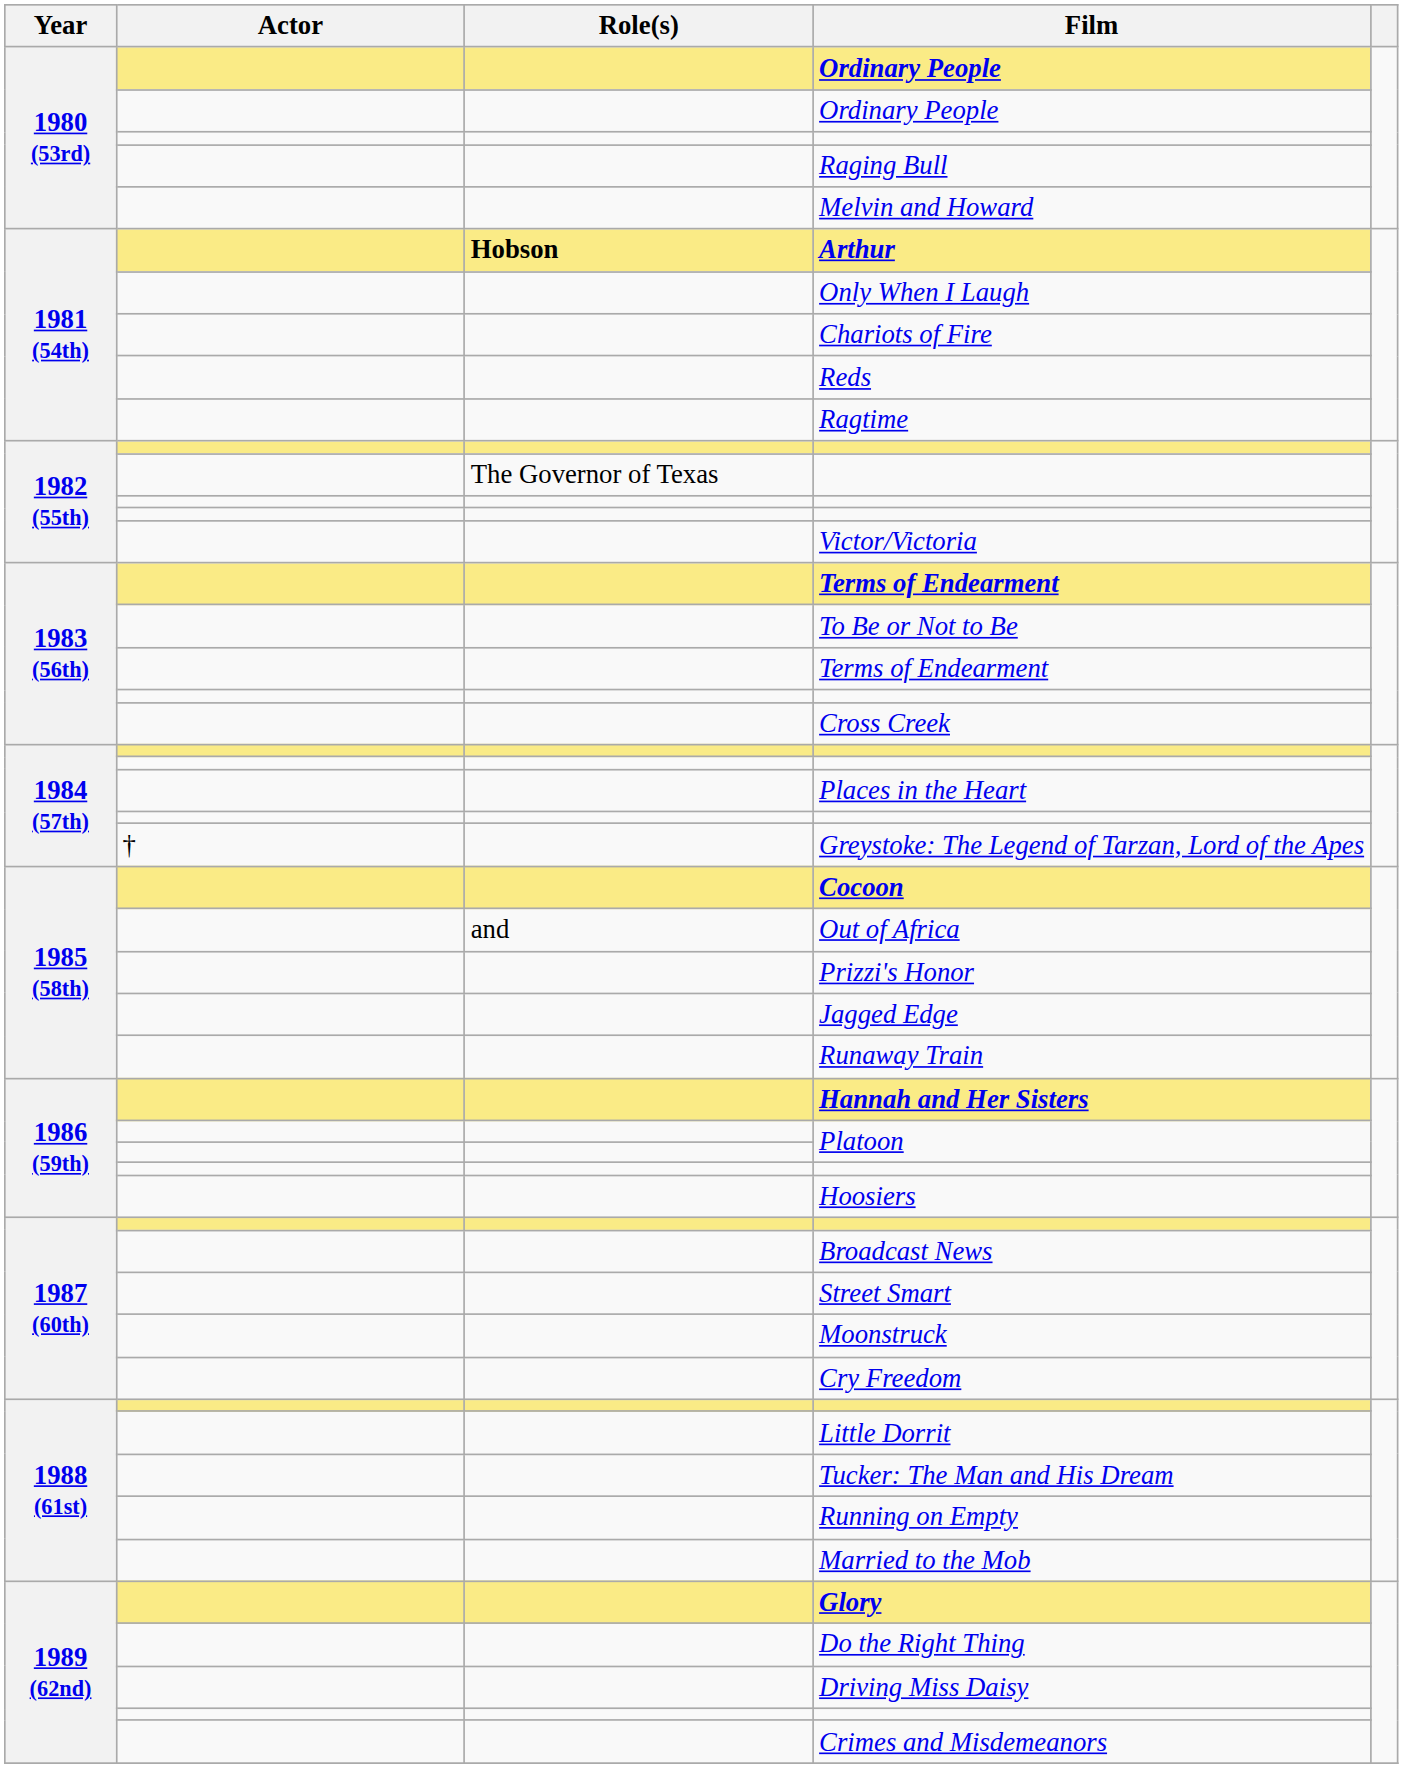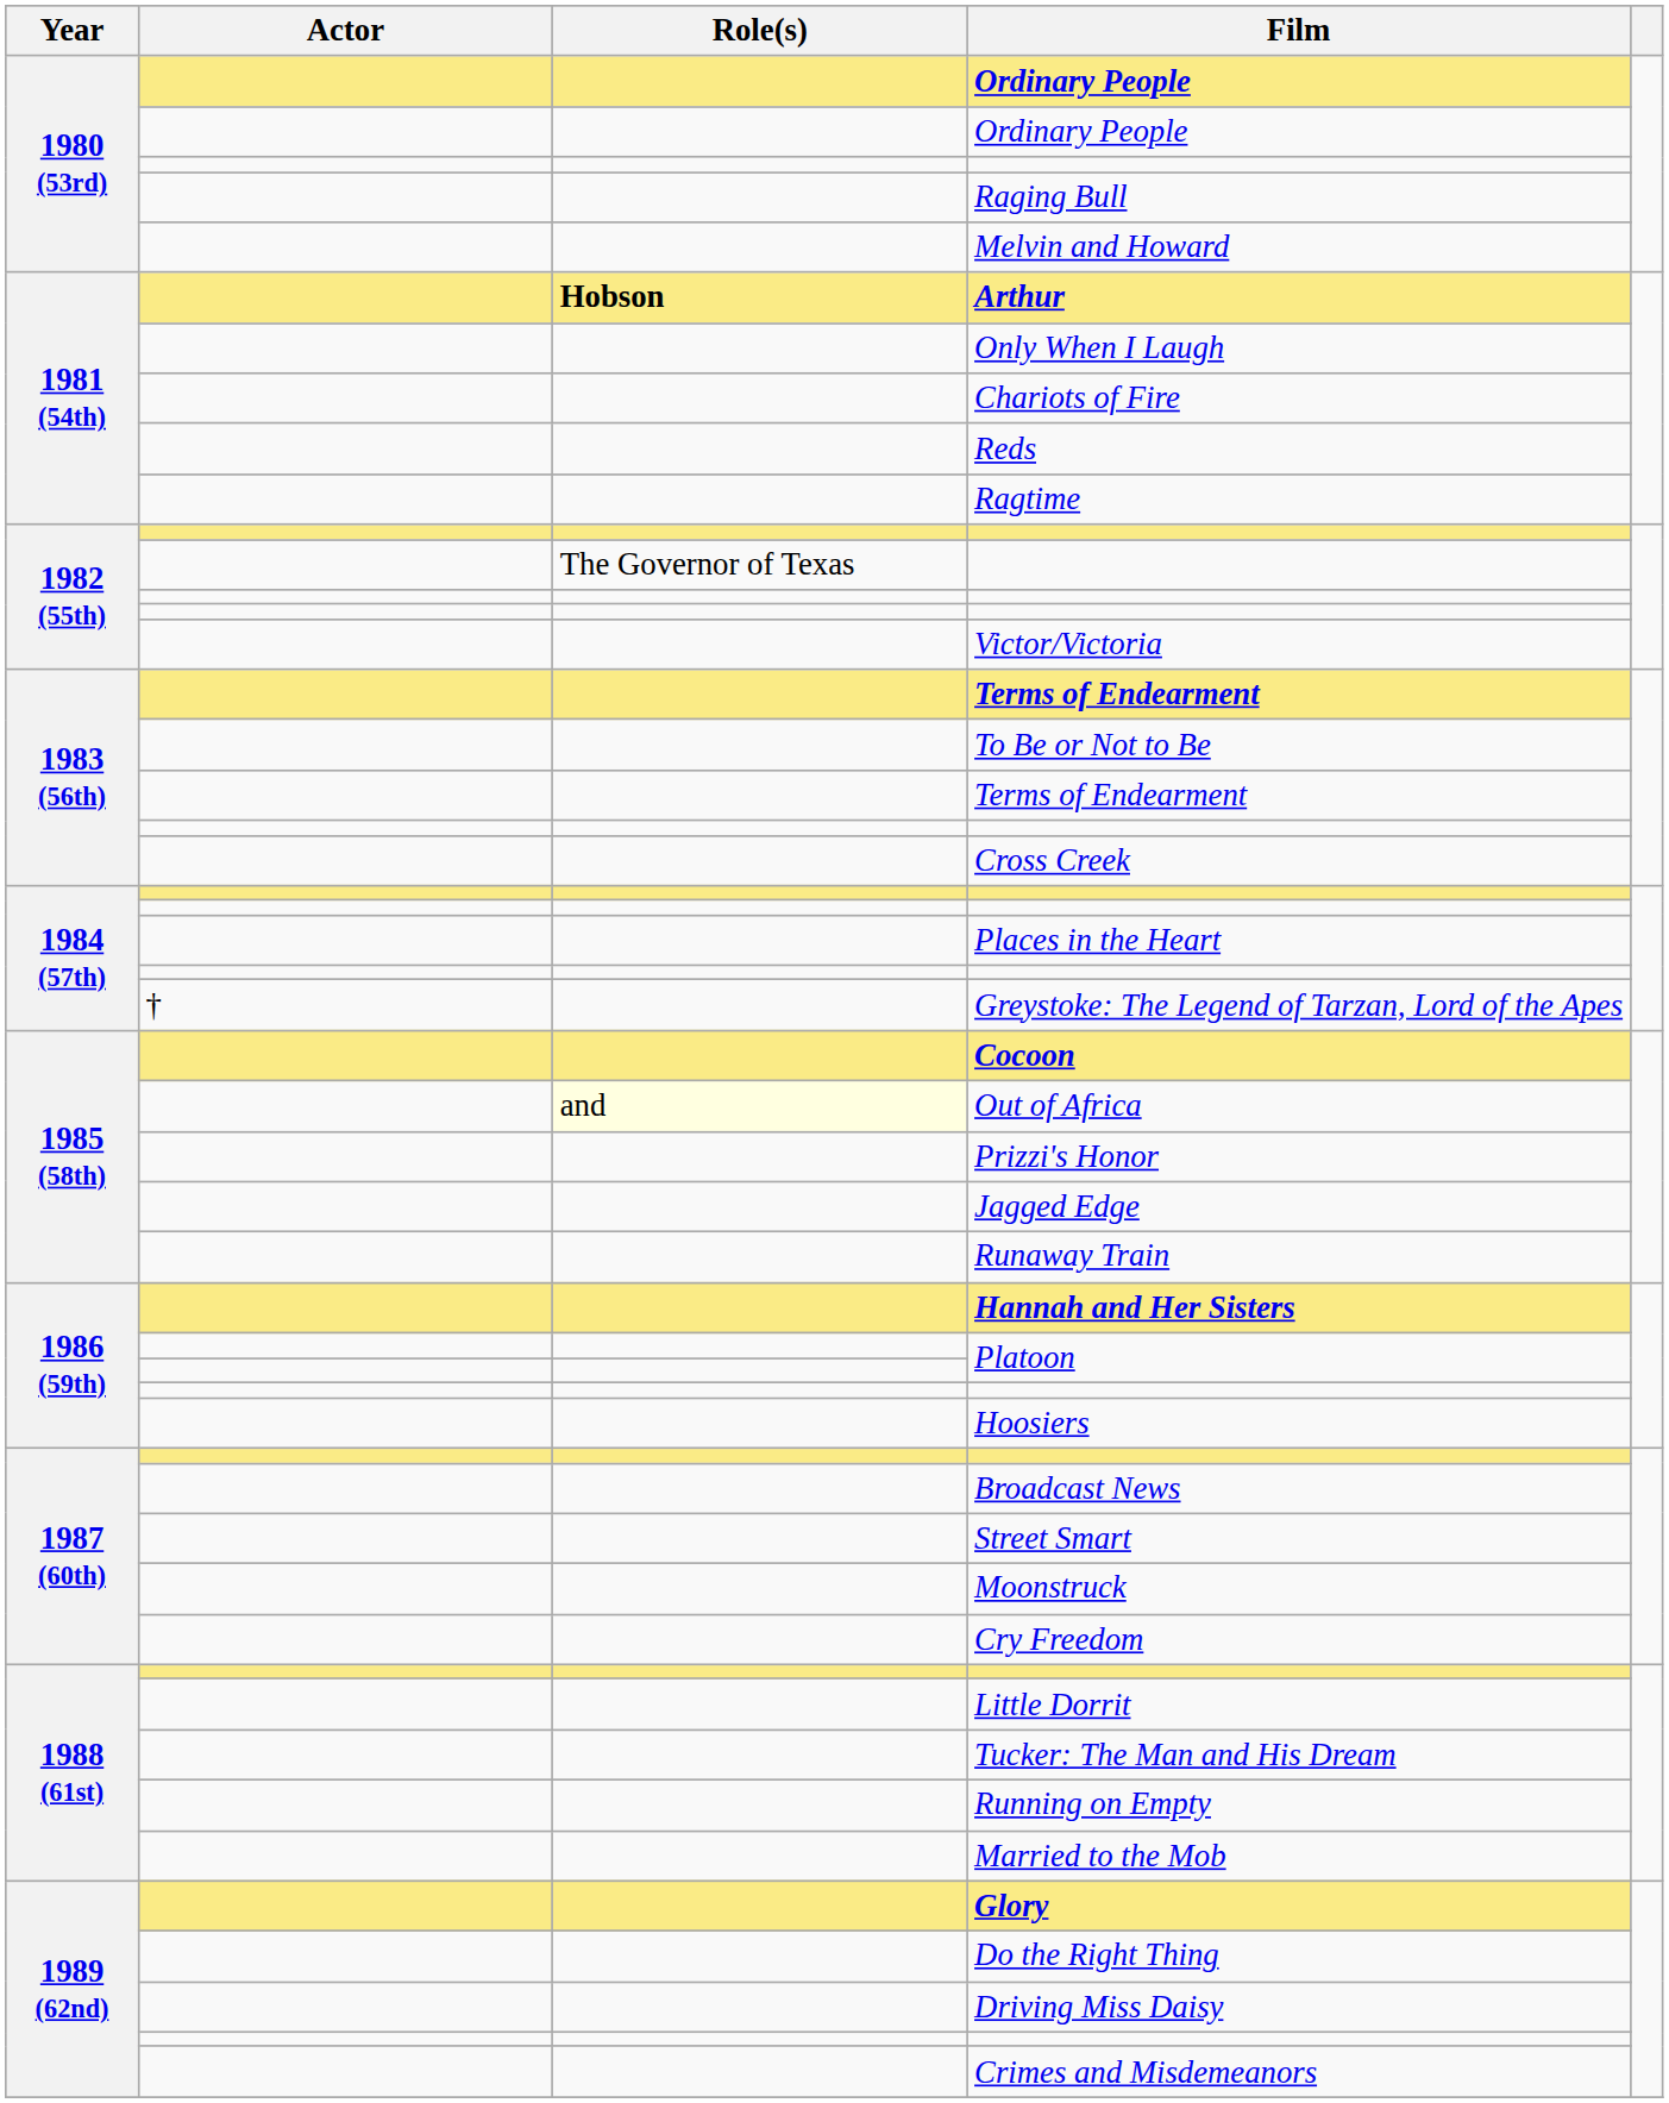 <table class="wikitable sortable" style="text-align:left;">
 <tr>
 <th scope="col" style="width:8%;">Year</th>
 <th scope="col" style="width:25%;">Actor</th>
 <th scope="col" style="width:25%;">Role(s)</th>
 <th scope="col" style="width:40%;">Film</th>
 <th scope="col" style="width:2%;" class="unsortable"></th>
 </tr>
 <tr>
 <th scope="row" rowspan=5 style="text-align:center"><a href='#'>1980</a> <br><small><a href='#'>(53rd)</a> </small></th>
 <td style="background:#FAEB86"><strong> </strong></td>
 <td style="background:#FAEB86"><strong></strong></td>
 <td style="background:#FAEB86"><strong><em><a href='#'>Ordinary People</a></em></strong></td>
 <td rowspan=5></td>
 </tr>
 <tr>
 <td></td>
 <td></td>
 <td><em><a href='#'>Ordinary People</a></em></td>
 </tr>
 <tr>
 <td></td>
 <td></td>
 <td><em></em></td>
 </tr>
 <tr>
 <td></td>
 <td></td>
 <td><em><a href='#'>Raging Bull</a></em></td>
 </tr>
 <tr>
 <td></td>
 <td></td>
 <td><em><a href='#'>Melvin and Howard</a></em></td>
 </tr>
 <tr>
 <th scope="row" rowspan=5 style="text-align:center"><a href='#'>1981</a> <br><small><a href='#'>(54th)</a> </small></th>
 <td style="background:#FAEB86"><strong> </strong></td>
 <td style="background:#FAEB86"><strong>Hobson</strong></td>
 <td style="background:#FAEB86"><strong><em><a href='#'>Arthur</a></em></strong></td>
 <td rowspan=5></td>
 </tr>
 <tr>
 <td></td>
 <td></td>
 <td><em><a href='#'>Only When I Laugh</a></em></td>
 </tr>
 <tr>
 <td></td>
 <td></td>
 <td><em><a href='#'>Chariots of Fire</a></em></td>
 </tr>
 <tr>
 <td></td>
 <td></td>
 <td><em><a href='#'>Reds</a></em></td>
 </tr>
 <tr>
 <td></td>
 <td></td>
 <td><em><a href='#'>Ragtime</a></em></td>
 </tr>
 <tr>
 <th scope="row" rowspan=5 style="text-align:center"><a href='#'>1982</a> <br><small><a href='#'>(55th)</a> </small></th>
 <td style="background:#FAEB86"><strong> </strong></td>
 <td style="background:#FAEB86"><strong></strong></td>
 <td style="background:#FAEB86"><strong><em></em></strong></td>
 <td rowspan=5></td>
 </tr>
 <tr>
 <td></td>
 <td>The Governor of Texas</td>
 <td><em></em></td>
 </tr>
 <tr>
 <td></td>
 <td></td>
 <td><em></em></td>
 </tr>
 <tr>
 <td></td>
 <td></td>
 <td><em></em></td>
 </tr>
 <tr>
 <td></td>
 <td></td>
 <td><em><a href='#'>Victor/Victoria</a></em></td>
 </tr>
 <tr>
 <th scope="row" rowspan=5 style="text-align:center"><a href='#'>1983</a> <br><small><a href='#'>(56th)</a> </small></th>
 <td style="background:#FAEB86"><strong> </strong></td>
 <td style="background:#FAEB86"><strong></strong></td>
 <td style="background:#FAEB86"><strong><em><a href='#'>Terms of Endearment</a></em></strong></td>
 <td rowspan=5></td>
 </tr>
 <tr>
 <td></td>
 <td></td>
 <td><em><a href='#'>To Be or Not to Be</a></em></td>
 </tr>
 <tr>
 <td></td>
 <td></td>
 <td><em><a href='#'>Terms of Endearment</a></em></td>
 </tr>
 <tr>
 <td></td>
 <td></td>
 <td><em></em></td>
 </tr>
 <tr>
 <td></td>
 <td></td>
 <td><em><a href='#'>Cross Creek</a></em></td>
 </tr>
 <tr>
 <th scope="row" rowspan=5 style="text-align:center"><a href='#'>1984</a> <br><small><a href='#'>(57th)</a> </small></th>
 <td style="background:#FAEB86"><strong> </strong></td>
 <td style="background:#FAEB86"><strong></strong></td>
 <td style="background:#FAEB86"><strong><em></em></strong></td>
 <td rowspan=5></td>
 </tr>
 <tr>
 <td></td>
 <td></td>
 <td><em></em></td>
 </tr>
 <tr>
 <td></td>
 <td></td>
 <td><em><a href='#'>Places in the Heart</a></em></td>
 </tr>
 <tr>
 <td></td>
 <td></td>
 <td><em></em></td>
 </tr>
 <tr>
 <td> †</td>
 <td></td>
 <td><em><a href='#'>Greystoke: The Legend of Tarzan, Lord of the Apes</a></em></td>
 </tr>
 <tr>
 <th scope="row" rowspan=5 style="text-align:center"><a href='#'>1985</a> <br><small><a href='#'>(58th)</a> </small></th>
 <td style="background:#FAEB86"><strong> </strong></td>
 <td style="background:#FAEB86"><strong></strong></td>
 <td style="background:#FAEB86"><strong><em><a href='#'>Cocoon</a></em></strong></td>
 <td rowspan=5></td>
 </tr>
 <tr>
 <td></td>
-<td> and </td>
+<td style="background: lightyellow;"> and </td>
 <td><em><a href='#'>Out of Africa</a></em></td>
 </tr>
 <tr>
 <td></td>
 <td></td>
 <td><em><a href='#'>Prizzi's Honor</a></em></td>
 </tr>
 <tr>
 <td></td>
 <td></td>
 <td><em><a href='#'>Jagged Edge</a></em></td>
 </tr>
 <tr>
 <td></td>
 <td></td>
 <td><em><a href='#'>Runaway Train</a></em></td>
 </tr>
 <tr>
 <th scope="row" rowspan=5 style="text-align:center"><a href='#'>1986</a> <br><small><a href='#'>(59th)</a> </small></th>
 <td style="background:#FAEB86"><strong> </strong></td>
 <td style="background:#FAEB86"><strong></strong></td>
 <td style="background:#FAEB86"><strong><em><a href='#'>Hannah and Her Sisters</a></em></strong></td>
 <td rowspan=5></td>
 </tr>
 <tr>
 <td></td>
 <td></td>
 <td rowspan=2><em><a href='#'>Platoon</a></em></td>
 </tr>
 <tr>
 <td></td>
 <td></td>
 </tr>
 <tr>
 <td></td>
 <td></td>
 <td><em></em></td>
 </tr>
 <tr>
 <td></td>
 <td></td>
 <td><em><a href='#'>Hoosiers</a></em></td>
 </tr>
 <tr>
 <th scope="row" rowspan=5 style="text-align:center"><a href='#'>1987</a> <br><small><a href='#'>(60th)</a> </small></th>
 <td style="background:#FAEB86"><strong> </strong></td>
 <td style="background:#FAEB86"><strong></strong></td>
 <td style="background:#FAEB86"><strong><em></em></strong></td>
 <td rowspan=5></td>
 </tr>
 <tr>
 <td></td>
 <td></td>
 <td><em><a href='#'>Broadcast News</a></em></td>
 </tr>
 <tr>
 <td></td>
 <td></td>
 <td><em><a href='#'>Street Smart</a></em></td>
 </tr>
 <tr>
 <td></td>
 <td></td>
 <td><em><a href='#'>Moonstruck</a></em></td>
 </tr>
 <tr>
 <td></td>
 <td></td>
 <td><em><a href='#'>Cry Freedom</a></em></td>
 </tr>
 <tr>
 <th scope="row" rowspan=5 style="text-align:center"><a href='#'>1988</a> <br><small><a href='#'>(61st)</a> </small></th>
 <td style="background:#FAEB86"><strong> </strong></td>
 <td style="background:#FAEB86"><strong></strong></td>
 <td style="background:#FAEB86"><strong><em></em></strong></td>
 <td rowspan=5></td>
 </tr>
 <tr>
 <td></td>
 <td></td>
 <td><em><a href='#'>Little Dorrit</a></em></td>
 </tr>
 <tr>
 <td></td>
 <td></td>
 <td><em><a href='#'>Tucker: The Man and His Dream</a></em></td>
 </tr>
 <tr>
 <td></td>
 <td></td>
 <td><em><a href='#'>Running on Empty</a></em></td>
 </tr>
 <tr>
 <td></td>
 <td></td>
 <td><em><a href='#'>Married to the Mob</a></em></td>
 </tr>
 <tr>
 <th scope="row" rowspan=5 style="text-align:center"><a href='#'>1989</a> <br><small><a href='#'>(62nd)</a> </small></th>
 <td style="background:#FAEB86"><strong> </strong></td>
 <td style="background:#FAEB86"><strong></strong></td>
 <td style="background:#FAEB86"><strong><em><a href='#'>Glory</a></em></strong></td>
 <td rowspan=5></td>
 </tr>
 <tr>
 <td></td>
 <td></td>
 <td><em><a href='#'>Do the Right Thing</a></em></td>
 </tr>
 <tr>
 <td></td>
 <td></td>
 <td><em><a href='#'>Driving Miss Daisy</a></em></td>
 </tr>
 <tr>
 <td></td>
 <td></td>
 <td><em></em></td>
 </tr>
 <tr>
 <td></td>
 <td></td>
 <td><em><a href='#'>Crimes and Misdemeanors</a></em></td>
 </tr>
 <tr>
 </tr>
 </table>
